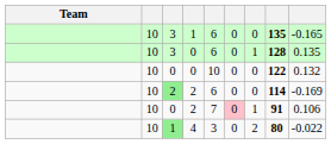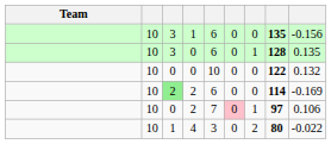 <table class="wikitable" style="text-align:center;">
 <tr>
 <th width=175>Team</th>
 <th width="20"></th>
 <th width="20"></th>
 <th width="20"></th>
 <th width="20"></th>
 <th width="20"></th>
 <th width="20"></th>
 <th width="20"></th>
 <th width="40"></th>
 </tr>
 <tr style="background:#cfc;">
 <td style="text-align:left;"></td>
 <td>10</td>
 <td>3</td>
 <td>1</td>
 <td>6</td>
 <td>0</td>
 <td>0</td>
 <td><strong>135</strong></td>
-<td>-0.165</td>
+<td>-0.156</td>
 </tr>
 <tr style="background:#cfc;">
 <td style="text-align:left;"></td>
 <td>10</td>
 <td>3</td>
 <td>0</td>
 <td>6</td>
 <td>0</td>
 <td>1</td>
 <td><strong>128</strong></td>
 <td>0.135</td>
 </tr>
 <tr>
 <td style="text-align:left;"></td>
 <td>10</td>
 <td>0</td>
 <td>0</td>
 <td>10</td>
 <td>0</td>
 <td>0</td>
 <td><strong>122</strong></td>
 <td>0.132</td>
 </tr>
 <tr>
 <td style="text-align:left;"></td>
 <td>10</td>
 <td style="background: lightgreen;">2</td>
 <td>2</td>
 <td>6</td>
 <td>0</td>
 <td>0</td>
 <td><strong>114</strong></td>
 <td>-0.169</td>
 </tr>
 <tr>
 <td style="text-align:left;"></td>
 <td>10</td>
 <td>0</td>
 <td>2</td>
 <td>7</td>
 <td style="background: pink;">0</td>
 <td>1</td>
-<td><strong>91</strong></td>
+<td><strong>97</strong></td>
 <td>0.106</td>
 </tr>
 <tr>
 <td style="text-align:left;"></td>
 <td>10</td>
-<td style="background: lightgreen;">1</td>
+<td>1</td>
 <td>4</td>
 <td>3</td>
 <td>0</td>
 <td>2</td>
 <td><strong>80</strong></td>
 <td>-0.022</td>
 </tr>
 </table>
